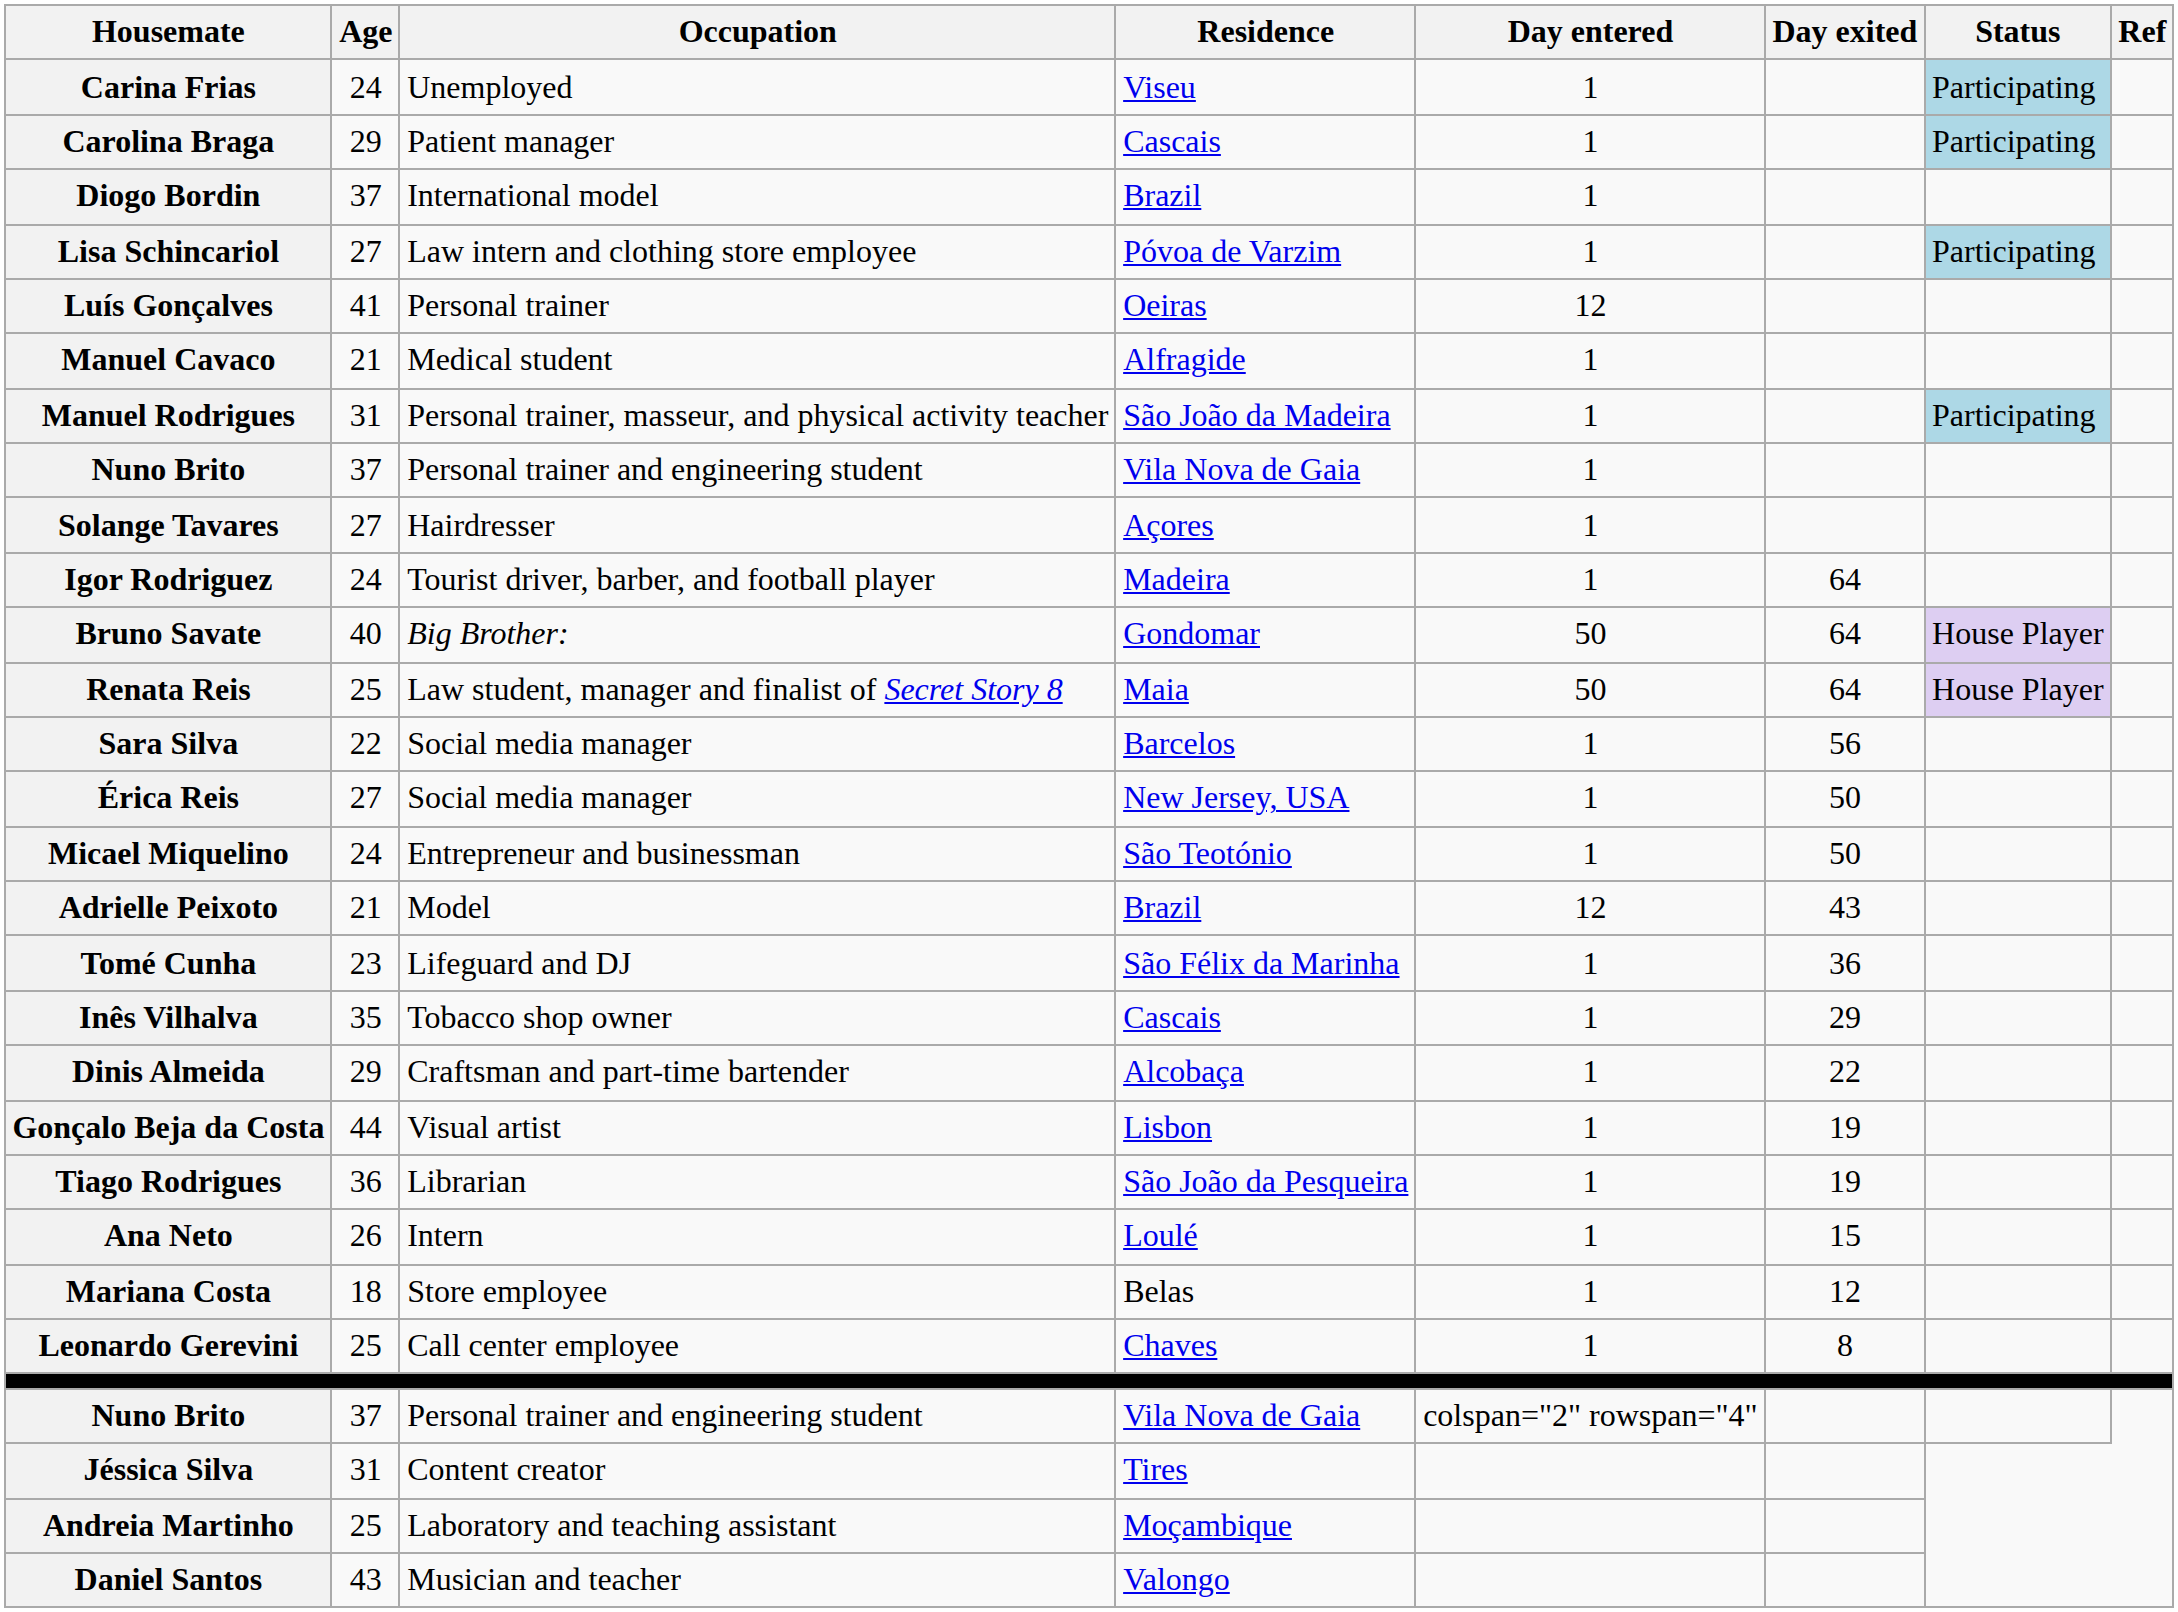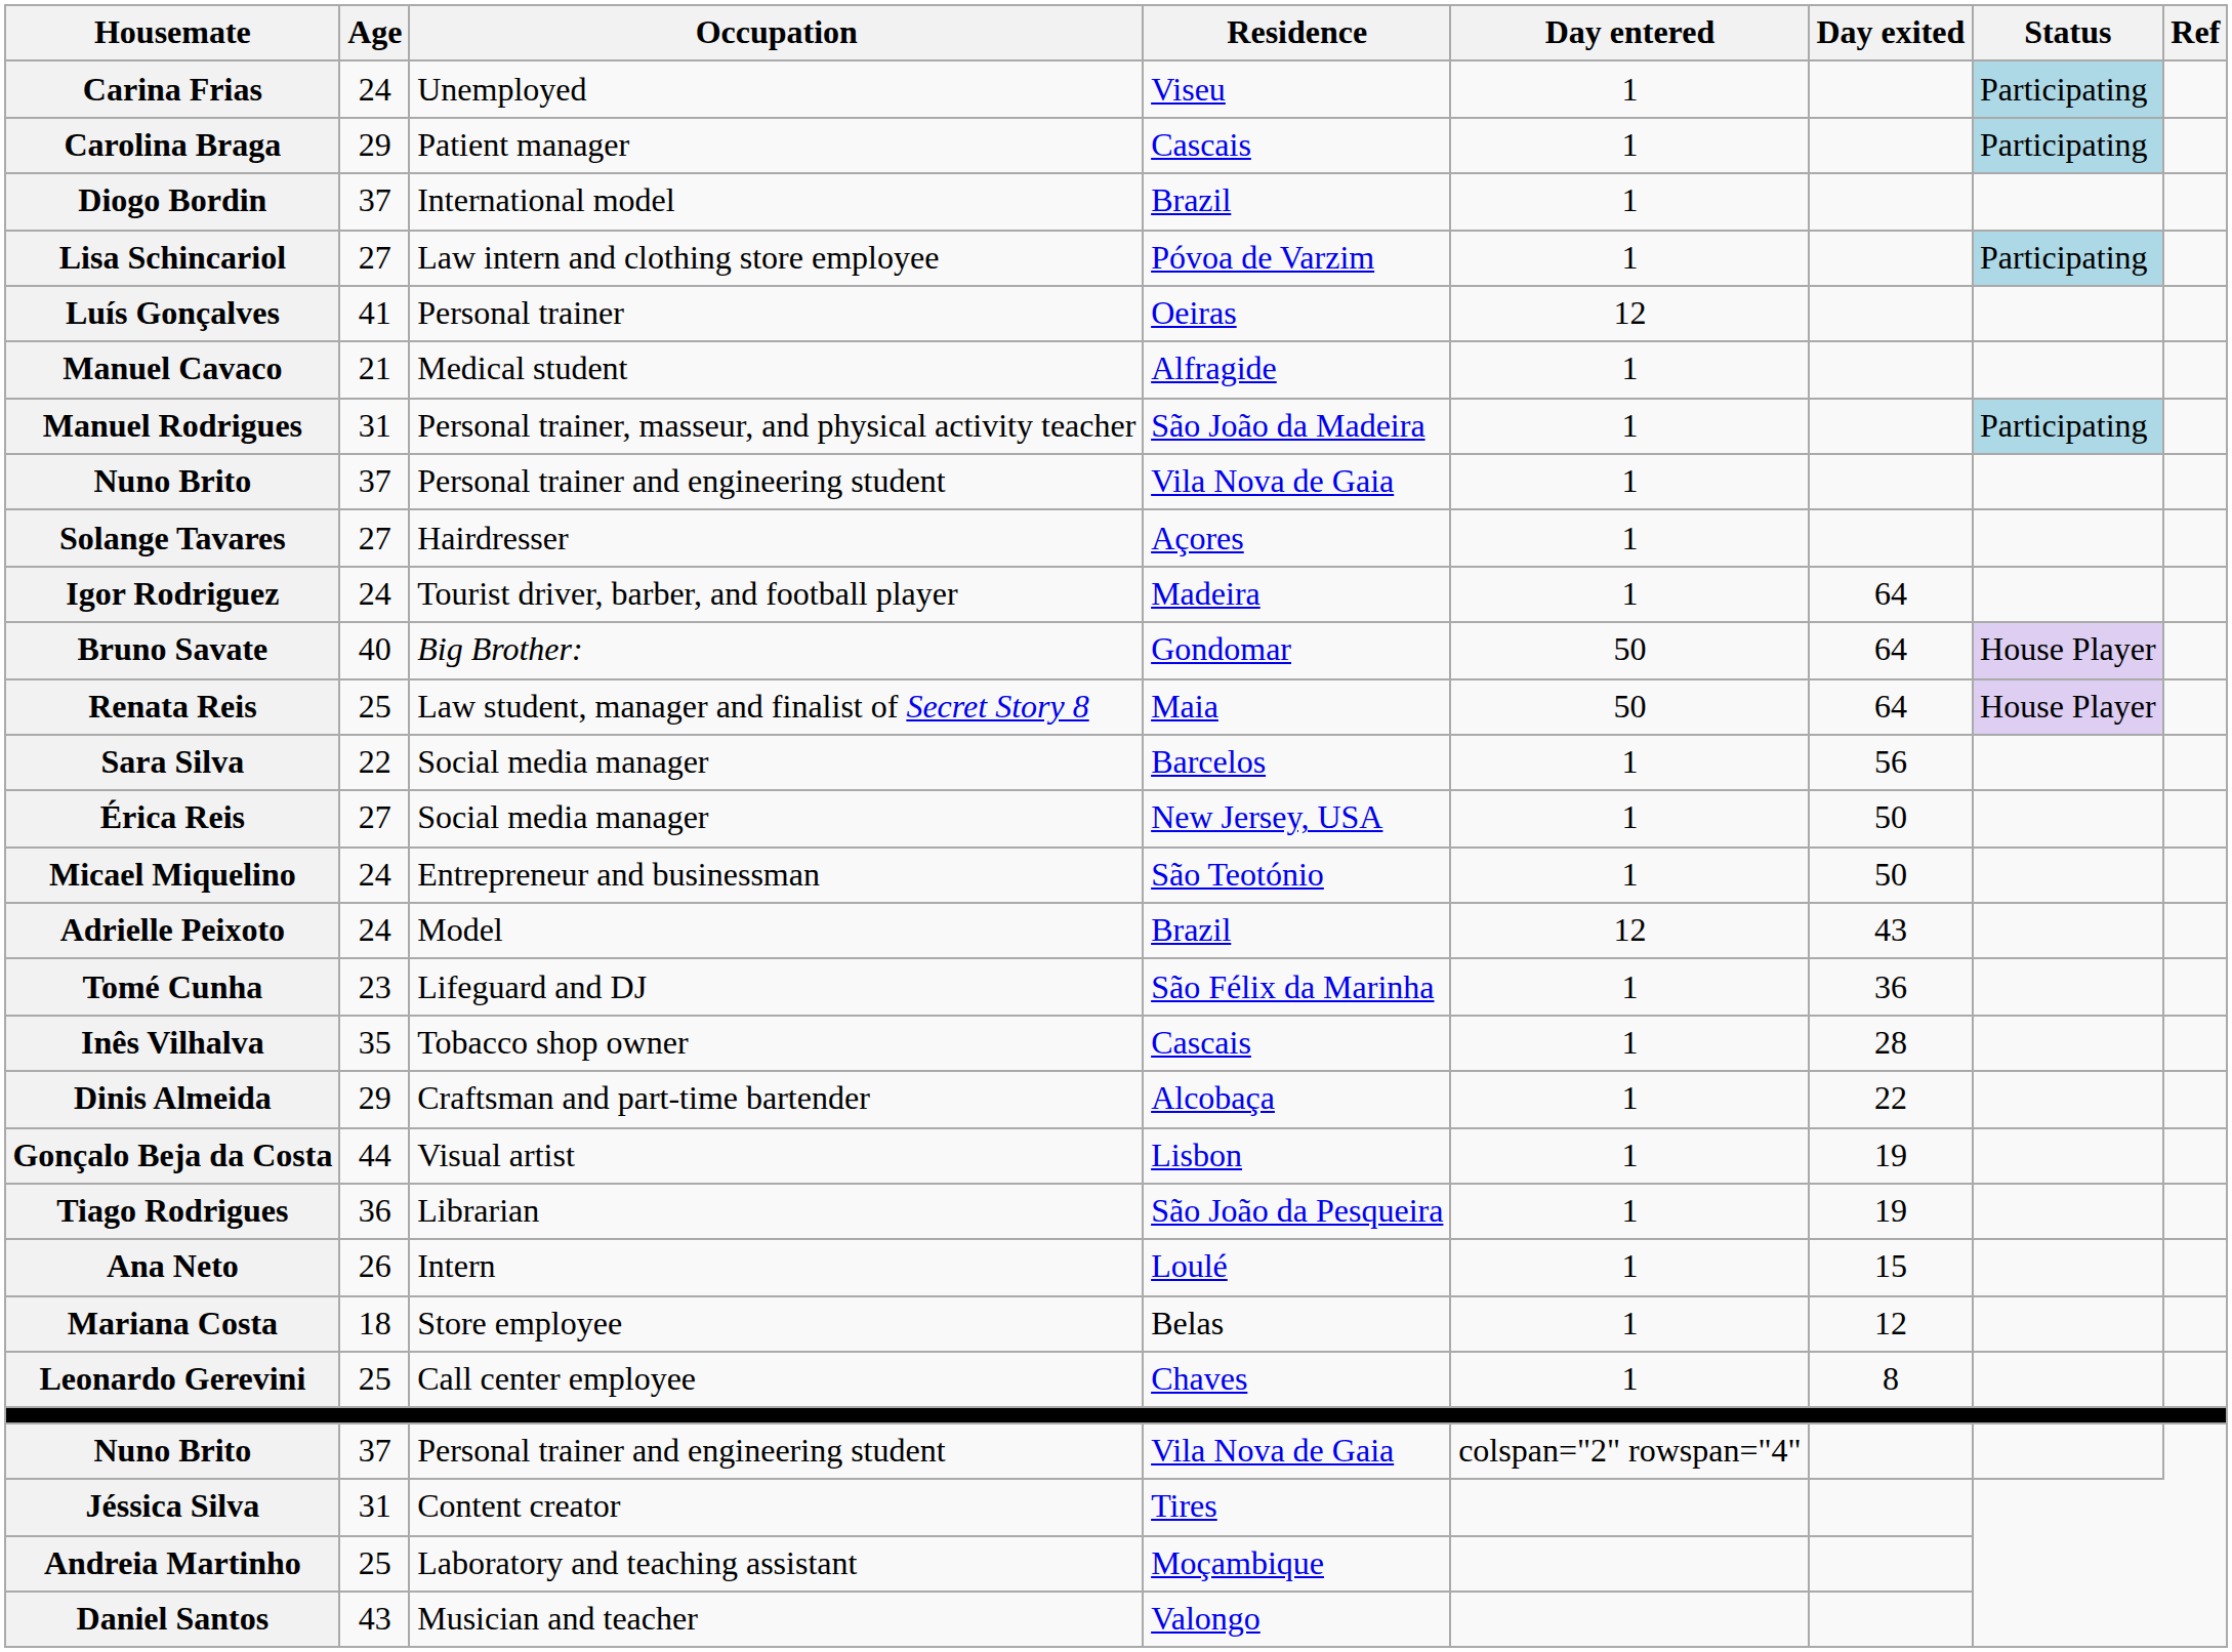 <table class="wikitable sortable" style="text-align: left; line-height:20px; width:auto">
 <tr>
 <th>Housemate</th>
 <th>Age</th>
 <th>Occupation</th>
 <th>Residence</th>
 <th>Day entered</th>
 <th>Day exited</th>
 <th>Status</th>
 <th>Ref</th>
 </tr>
 <tr>
 <th>Carina Frias</th>
 <td style="text-align: center">24</td>
 <td>Unemployed</td>
 <td><a href='#'>Viseu</a></td>
 <td style="text-align: center">1</td>
 <td style="text-align: center"></td>
 <td style="background:lightblue">Participating</td>
 <td style="text-align: center"></td>
 </tr>
 <tr>
 <th>Carolina Braga</th>
 <td style="text-align: center">29</td>
 <td>Patient manager</td>
 <td><a href='#'>Cascais</a></td>
 <td style="text-align: center">1</td>
 <td style="text-align: center"></td>
 <td style="background:lightblue">Participating</td>
 <td style="text-align: center"></td>
 </tr>
 <tr>
 <th>Diogo Bordin</th>
 <td style="text-align: center">37</td>
 <td>International model</td>
 <td><a href='#'>Brazil</a></td>
 <td style="text-align: center">1</td>
 <td style="text-align: center"></td>
 <td></td>
 <td style="text-align: center"></td>
 </tr>
 <tr>
 <th>Lisa Schincariol</th>
 <td style="text-align: center">27</td>
 <td>Law intern and clothing store employee</td>
 <td><a href='#'>Póvoa de Varzim</a></td>
 <td style="text-align: center">1</td>
 <td style="text-align: center"></td>
 <td style="background:lightblue">Participating</td>
 <td style="text-align: center"></td>
 </tr>
 <tr>
 <th>Luís Gonçalves</th>
 <td style="text-align: center">41</td>
 <td>Personal trainer</td>
 <td><a href='#'>Oeiras</a></td>
 <td style="text-align: center">12</td>
 <td style="text-align: center"></td>
 <td></td>
 <td style="text-align: center"></td>
 </tr>
 <tr>
 <th>Manuel Cavaco</th>
 <td style="text-align: center">21</td>
 <td>Medical student</td>
 <td><a href='#'>Alfragide</a></td>
 <td style="text-align: center">1</td>
 <td style="text-align: center"></td>
 <td></td>
 <td style="text-align: center"></td>
 </tr>
 <tr>
 <th>Manuel Rodrigues</th>
 <td style="text-align: center">31</td>
 <td>Personal trainer, masseur, and physical activity teacher</td>
 <td><a href='#'>São João da Madeira</a></td>
 <td style="text-align: center">1</td>
 <td style="text-align: center"></td>
 <td style="background:lightblue">Participating</td>
 <td style="text-align: center"></td>
 </tr>
 <tr>
 <th>Nuno Brito</th>
 <td style="text-align: center">37</td>
 <td>Personal trainer and engineering student</td>
 <td><a href='#'>Vila Nova de Gaia</a></td>
 <td style="text-align: center">1</td>
 <td style="text-align: center"></td>
 <td></td>
 <td style="text-align: center"></td>
 </tr>
 <tr>
 <th>Solange Tavares</th>
 <td style="text-align: center">27</td>
 <td>Hairdresser</td>
 <td><a href='#'>Açores</a></td>
 <td style="text-align: center">1</td>
 <td style="text-align: center"></td>
 <td></td>
 <td style="text-align: center"></td>
 </tr>
 <tr>
 <th>Igor Rodriguez</th>
 <td style="text-align: center">24</td>
 <td>Tourist driver, barber, and football player</td>
 <td><a href='#'>Madeira</a></td>
 <td style="text-align: center">1</td>
 <td style="text-align: center">64</td>
 <td></td>
 <td style="text-align: center"></td>
 </tr>
 <tr>
 <th>Bruno Savate</th>
 <td style="text-align: center">40</td>
 <td Construction worker and winner of [[#Big Brother: Desafio Final 2><em>Big Brother: </em></td>
 <td><a href='#'>Gondomar</a></td>
 <td style="text-align: center">50</td>
 <td style="text-align: center">64</td>
 <td style="text-align: center" bgcolor="#DDCEF2">House Player</td>
 <td style="text-align: center"></td>
 </tr>
 <tr>
 <th>Renata Reis</th>
 <td style="text-align: center">25</td>
 <td>Law student, manager and finalist of <a href='#'><em>Secret Story 8</em></a></td>
 <td><a href='#'>Maia</a></td>
 <td style="text-align: center">50</td>
 <td style="text-align: center">64</td>
 <td style="text-align: center" bgcolor="#DDCEF2">House Player</td>
 <td style="text-align: center"></td>
 </tr>
 <tr>
 <th>Sara Silva</th>
 <td style="text-align: center">22</td>
 <td>Social media manager</td>
 <td><a href='#'>Barcelos</a></td>
 <td style="text-align: center">1</td>
 <td style="text-align: center">56</td>
 <td></td>
 <td style="text-align: center"></td>
 </tr>
 <tr>
 <th>Érica Reis</th>
 <td style="text-align: center">27</td>
 <td>Social media manager</td>
 <td><a href='#'>New Jersey, USA</a></td>
 <td style="text-align: center">1</td>
 <td style="text-align: center">50</td>
 <td></td>
 <td style="text-align: center"></td>
 </tr>
 <tr>
 <th>Micael Miquelino</th>
 <td style="text-align: center">24</td>
 <td>Entrepreneur and businessman</td>
 <td><a href='#'>São Teotónio</a></td>
 <td style="text-align: center">1</td>
 <td style="text-align: center">50</td>
 <td></td>
 <td style="text-align: center"></td>
 </tr>
 <tr>
 <th>Adrielle Peixoto</th>
-<td style="text-align: center">21</td>
+<td style="text-align: center">24</td>
 <td>Model</td>
 <td><a href='#'>Brazil</a></td>
 <td style="text-align: center">12</td>
 <td style="text-align: center">43</td>
 <td></td>
 <td style="text-align: center"></td>
 </tr>
 <tr>
 <th>Tomé Cunha</th>
 <td style="text-align: center">23</td>
 <td>Lifeguard and DJ</td>
 <td><a href='#'>São Félix da Marinha</a></td>
 <td style="text-align: center">1</td>
 <td style="text-align: center">36</td>
 <td></td>
 <td style="text-align: center"></td>
 </tr>
 <tr>
 <th>Inês Vilhalva</th>
 <td style="text-align: center">35</td>
 <td>Tobacco shop owner</td>
 <td><a href='#'>Cascais</a></td>
 <td style="text-align: center">1</td>
-<td style="text-align: center">29</td>
+<td style="text-align: center">28</td>
 <td></td>
 <td style="text-align: center"></td>
 </tr>
 <tr>
 <th>Dinis Almeida</th>
 <td style="text-align: center">29</td>
 <td>Craftsman and part-time bartender</td>
 <td><a href='#'>Alcobaça</a></td>
 <td style="text-align: center">1</td>
 <td style="text-align: center">22</td>
 <td></td>
 <td style="text-align: center"></td>
 </tr>
 <tr>
 <th>Gonçalo Beja da Costa</th>
 <td style="text-align: center">44</td>
 <td>Visual artist</td>
 <td><a href='#'>Lisbon</a></td>
 <td style="text-align: center">1</td>
 <td style="text-align: center">19</td>
 <td></td>
 <td style="text-align: center"></td>
 </tr>
 <tr>
 <th>Tiago Rodrigues</th>
 <td style="text-align: center">36</td>
 <td>Librarian</td>
 <td><a href='#'>São João da Pesqueira</a></td>
 <td style="text-align: center">1</td>
 <td style="text-align: center">19</td>
 <td></td>
 <td style="text-align: center"></td>
 </tr>
 <tr>
 <th>Ana Neto</th>
 <td style="text-align: center">26</td>
 <td>Intern</td>
 <td><a href='#'>Loulé</a></td>
 <td style="text-align: center">1</td>
 <td style="text-align: center">15</td>
 <td></td>
 <td style="text-align: center"></td>
 </tr>
 <tr>
 <th>Mariana Costa</th>
 <td style="text-align: center">18</td>
 <td>Store employee</td>
 <td>Belas</td>
 <td style="text-align: center">1</td>
 <td style="text-align: center">12</td>
 <td></td>
 <td style="text-align: center"></td>
 </tr>
 <tr>
 <th>Leonardo Gerevini</th>
 <td style="text-align: center">25</td>
 <td>Call center employee</td>
 <td><a href='#'>Chaves</a></td>
 <td style="text-align: center">1</td>
 <td style="text-align: center">8</td>
 <td></td>
 <td style="text-align: center"></td>
 </tr>
 <tr>
 <td bgcolor="black" colspan="8"></td>
 </tr>
 <tr>
 <th>Nuno Brito</th>
 <td style="text-align: center">37</td>
 <td>Personal trainer and engineering student</td>
 <td><a href='#'>Vila Nova de Gaia</a></td>
 <td>colspan="2" rowspan="4" </td>
 <td></td>
 <td style="text-align: center"></td>
 </tr>
 <tr>
 <th>Jéssica Silva</th>
 <td style="text-align: center">31</td>
 <td>Content creator</td>
 <td><a href='#'>Tires</a></td>
 <td></td>
 <td style="text-align: center"></td>
 </tr>
 <tr>
 <th>Andreia Martinho</th>
 <td style="text-align: center">25</td>
 <td>Laboratory and teaching assistant</td>
 <td><a href='#'>Moçambique</a></td>
 <td></td>
 <td style="text-align: center"></td>
 </tr>
 <tr>
 <th>Daniel Santos</th>
 <td style="text-align: center">43</td>
 <td>Musician and teacher</td>
 <td><a href='#'>Valongo</a></td>
 <td></td>
 <td style="text-align: center"></td>
 </tr>
 </table>
